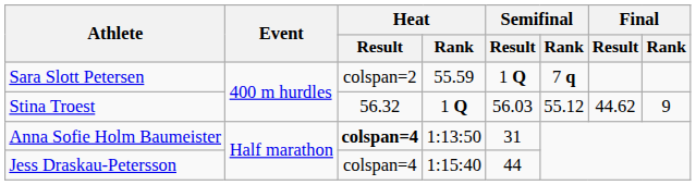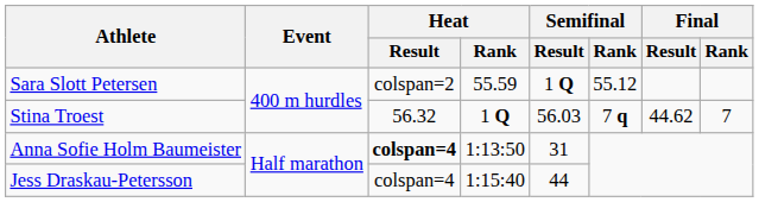 <table class="wikitable" style="font-size:90%">
 <tr>
 <th rowspan=2>Athlete</th>
 <th rowspan=2>Event</th>
 <th colspan=2>Heat</th>
 <th colspan=2>Semifinal</th>
 <th colspan=2>Final</th>
 </tr>
 <tr style="font-size:95%">
 <th>Result</th>
 <th>Rank</th>
 <th>Result</th>
 <th>Rank</th>
 <th>Result</th>
 <th>Rank</th>
 </tr>
 <tr align=center>
 <td align=left><a href='#'>Sara Slott Petersen</a></td>
 <td style="text-align:left;" rowspan=2><a href='#'>400 m hurdles</a></td>
 <td>colspan=2 </td>
 <td>55.59</td>
 <td>1 <strong>Q</strong></td>
-<td>7 <strong>q</strong></td>
+<td>55.12 <strong></strong></td>
 <td></td>
 </tr>
 <tr align=center>
 <td align=left><a href='#'>Stina Troest</a></td>
 <td>56.32 <strong></strong></td>
 <td>1 <strong>Q</strong></td>
 <td>56.03 <strong></strong></td>
-<td>55.12 <strong></strong></td>
+<td>7 <strong>q</strong></td>
 <td>44.62</td>
-<td>9</td>
+<td>7</td>
 </tr>
 <tr align=center>
 <td align=left><a href='#'>Anna Sofie Holm Baumeister</a></td>
 <td style="text-align:left;" rowspan=2><a href='#'>Half marathon</a></td>
 <td><strong>colspan=4 </strong></td>
 <td>1:13:50</td>
 <td>31</td>
 </tr>
 <tr align=center>
 <td align=left><a href='#'>Jess Draskau-Petersson</a></td>
 <td>colspan=4 </td>
 <td>1:15:40</td>
 <td>44</td>
 </tr>
 </table>
